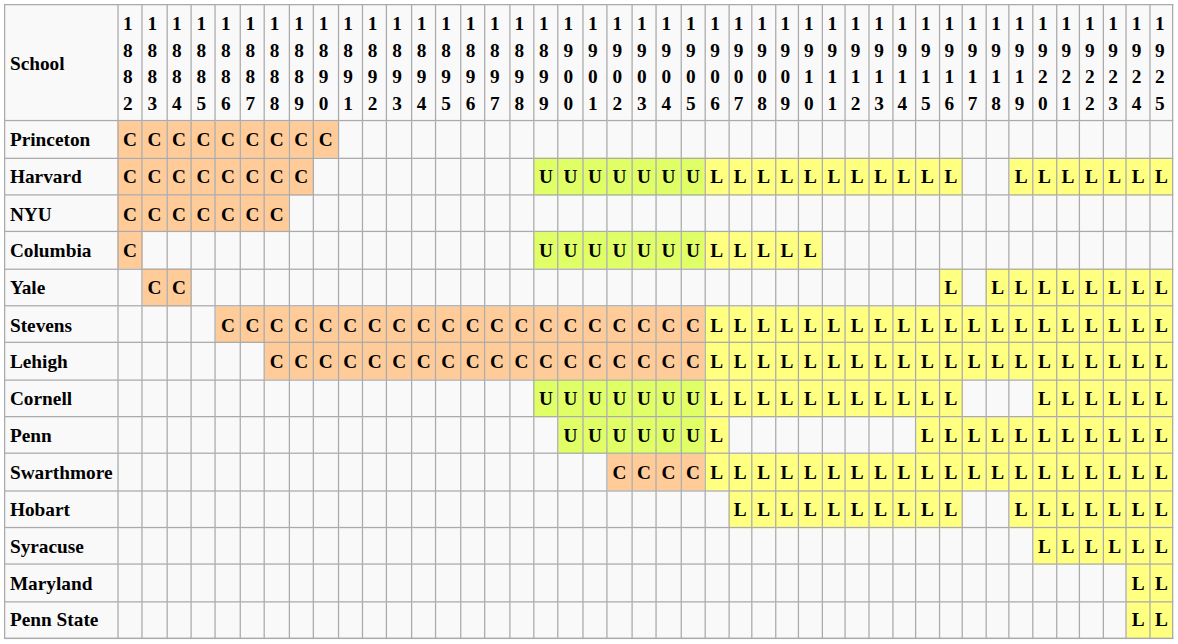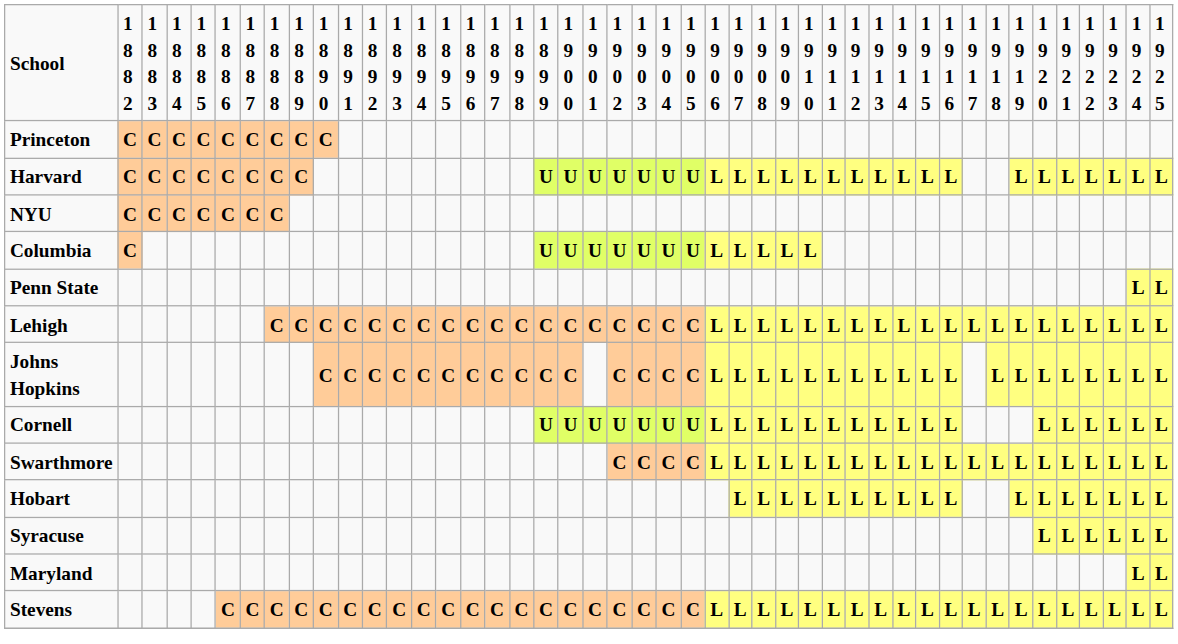 <table class="wikitable" style="font-size:115%">
 <tr ! style="background-background: #87D3F8;">
 <td><small><strong>School</strong></small></td>
 <td><small><strong>1<br>8<br>8<br>2</strong></small></td>
 <td><small><strong>1<br>8<br>8<br>3</strong></small></td>
 <td><small><strong>1<br>8<br>8<br>4</strong></small></td>
 <td><small><strong>1<br>8<br>8<br>5</strong></small></td>
 <td><small><strong>1<br>8<br>8<br>6</strong></small></td>
 <td><small><strong>1<br>8<br>8<br>7</strong></small></td>
 <td><small><strong>1<br>8<br>8<br>8</strong></small></td>
 <td><small><strong>1<br>8<br>8<br>9</strong></small></td>
 <td><small><strong>1<br>8<br>9<br>0</strong></small></td>
 <td><small><strong>1<br>8<br>9<br>1</strong></small></td>
 <td><small><strong>1<br>8<br>9<br>2</strong></small></td>
 <td><small><strong>1<br>8<br>9<br>3</strong></small></td>
 <td><small><strong>1<br>8<br>9<br>4</strong></small></td>
 <td><small><strong>1<br>8<br>9<br>5</strong></small></td>
 <td><small><strong>1<br>8<br>9<br>6</strong></small></td>
 <td><small><strong>1<br>8<br>9<br>7</strong></small></td>
 <td><small><strong>1<br>8<br>9<br>8</strong></small></td>
 <td><small><strong>1<br>8<br>9<br>9</strong></small></td>
 <td><small><strong>1<br>9<br>0<br>0</strong></small></td>
 <td><small><strong>1<br>9<br>0<br>1</strong></small></td>
 <td><small><strong>1<br>9<br>0<br>2</strong></small></td>
 <td><small><strong>1<br>9<br>0<br>3</strong></small></td>
 <td><small><strong>1<br>9<br>0<br>4</strong></small></td>
 <td><small><strong>1<br>9<br>0<br>5</strong></small></td>
 <td><small><strong>1<br>9<br>0<br>6</strong></small></td>
 <td><small><strong>1<br>9<br>0<br>7</strong></small></td>
 <td><small><strong>1<br>9<br>0<br>8</strong></small></td>
 <td><small><strong>1<br>9<br>0<br>9</strong></small></td>
 <td><small><strong>1<br>9<br>1<br>0</strong></small></td>
 <td><small><strong>1<br>9<br>1<br>1</strong></small></td>
 <td><small><strong>1<br>9<br>1<br>2</strong></small></td>
 <td><small><strong>1<br>9<br>1<br>3</strong></small></td>
 <td><small><strong>1<br>9<br>1<br>4</strong></small></td>
 <td><small><strong>1<br>9<br>1<br>5</strong></small></td>
 <td><small><strong>1<br>9<br>1<br>6</strong></small></td>
 <td><small><strong>1<br>9<br>1<br>7</strong></small></td>
 <td><small><strong>1<br>9<br>1<br>8</strong></small></td>
 <td><small><strong>1<br>9<br>1<br>9</strong></small></td>
 <td><small><strong>1<br>9<br>2<br>0</strong></small></td>
 <td><small><strong>1<br>9<br>2<br>1</strong></small></td>
 <td><small><strong>1<br>9<br>2<br>2</strong></small></td>
 <td><small><strong>1<br>9<br>2<br>3</strong></small></td>
 <td><small><strong>1<br>9<br>2<br>4</strong></small></td>
 <td><small><strong>1<br>9<br>2<br>5</strong></small></td>
 </tr>
 <tr --->
 <td><small><strong>Princeton</strong></small></td>
 <th style="background:#FFCC99;"><small>C</small></th>
 <th style="background:#FFCC99;"><small>C</small></th>
 <th style="background:#FFCC99;"><small>C</small></th>
 <th style="background:#FFCC99;"><small>C</small></th>
 <th style="background:#FFCC99;"><small>C</small></th>
 <th style="background:#FFCC99;"><small>C</small></th>
 <th style="background:#FFCC99;"><small>C</small></th>
 <th style="background:#FFCC99;"><small>C</small></th>
 <th style="background:#FFCC99;"><small>C</small></th>
 <td></td>
 <td></td>
 <td></td>
 <td></td>
 <td></td>
 <td></td>
 <td></td>
 <td></td>
 <td></td>
 <td></td>
 <td></td>
 <td></td>
 <td></td>
 <td></td>
 <td></td>
 <td></td>
 <td></td>
 <td></td>
 <td></td>
 <td></td>
 <td></td>
 <td></td>
 <td></td>
 <td></td>
 <td></td>
 <td></td>
 <td></td>
 <td></td>
 <td></td>
 <td></td>
 <td></td>
 <td></td>
 <td></td>
 <td></td>
 <td></td>
 </tr>
 <tr --->
 <td><small><strong>Harvard</strong></small></td>
 <th style="background:#FFCC99;"><small>C</small></th>
 <th style="background:#FFCC99;"><small>C</small></th>
 <th style="background:#FFCC99;"><small>C</small></th>
 <th style="background:#FFCC99;"><small>C</small></th>
 <th style="background:#FFCC99;"><small>C</small></th>
 <th style="background:#FFCC99;"><small>C</small></th>
 <th style="background:#FFCC99;"><small>C</small></th>
 <th style="background:#FFCC99;"><small>C</small></th>
 <td></td>
 <td></td>
 <td></td>
 <td></td>
 <td></td>
 <td></td>
 <td></td>
 <td></td>
 <td></td>
 <th style="background:#E0FF66;"><small>U</small></th>
 <th style="background:#E0FF66;"><small>U</small></th>
 <th style="background:#E0FF66;"><small>U</small></th>
 <th style="background:#E0FF66;"><small>U</small></th>
 <th style="background:#E0FF66;"><small>U</small></th>
 <th style="background:#E0FF66;"><small>U</small></th>
 <th style="background:#E0FF66;"><small>U</small></th>
 <th style="background:#FFFF80;"><small>L</small></th>
 <th style="background:#FFFF80;"><small>L</small></th>
 <th style="background:#FFFF80;"><small>L</small></th>
 <th style="background:#FFFF80;"><small>L</small></th>
 <th style="background:#FFFF80;"><small>L</small></th>
 <th style="background:#FFFF80;"><small>L</small></th>
 <th style="background:#FFFF80;"><small>L</small></th>
 <th style="background:#FFFF80;"><small>L</small></th>
 <th style="background:#FFFF80;"><small>L</small></th>
 <th style="background:#FFFF80;"><small>L</small></th>
 <th style="background:#FFFF80;"><small>L</small></th>
 <td></td>
 <td></td>
 <th style="background:#FFFF80;"><small>L</small></th>
 <th style="background:#FFFF80;"><small>L</small></th>
 <th style="background:#FFFF80;"><small>L</small></th>
 <th style="background:#FFFF80;"><small>L</small></th>
 <th style="background:#FFFF80;"><small>L</small></th>
 <th style="background:#FFFF80;"><small>L</small></th>
 <th style="background:#FFFF80;"><small>L</small></th>
 </tr>
 <tr --->
 <td><small><strong>NYU</strong></small></td>
 <th style="background:#FFCC99;"><small>C</small></th>
 <th style="background:#FFCC99;"><small>C</small></th>
 <th style="background:#FFCC99;"><small>C</small></th>
 <th style="background:#FFCC99;"><small>C</small></th>
 <th style="background:#FFCC99;"><small>C</small></th>
 <th style="background:#FFCC99;"><small>C</small></th>
 <th style="background:#FFCC99;"><small>C</small></th>
 <td></td>
 <td></td>
 <td></td>
 <td></td>
 <td></td>
 <td></td>
 <td></td>
 <td></td>
 <td></td>
 <td></td>
 <td></td>
 <td></td>
 <td></td>
 <td></td>
 <td></td>
 <td></td>
 <td></td>
 <td></td>
 <td></td>
 <td></td>
 <td></td>
 <td></td>
 <td></td>
 <td></td>
 <td></td>
 <td></td>
 <td></td>
 <td></td>
 <td></td>
 <td></td>
 <td></td>
 <td></td>
 <td></td>
 <td></td>
 <td></td>
 <td></td>
 <td></td>
 </tr>
 <tr --->
 <td><small><strong>Columbia</strong></small></td>
 <th style="background:#FFCC99;"><small>C</small></th>
 <td></td>
 <td></td>
 <td></td>
 <td></td>
 <td></td>
 <td></td>
 <td></td>
 <td></td>
 <td></td>
 <td></td>
 <td></td>
 <td></td>
 <td></td>
 <td></td>
 <td></td>
 <td></td>
 <th style="background:#E0FF66;"><small>U</small></th>
 <th style="background:#E0FF66;"><small>U</small></th>
 <th style="background:#E0FF66;"><small>U</small></th>
 <th style="background:#E0FF66;"><small>U</small></th>
 <th style="background:#E0FF66;"><small>U</small></th>
 <th style="background:#E0FF66;"><small>U</small></th>
 <th style="background:#E0FF66;"><small>U</small></th>
 <th style="background:#FFFF80;"><small>L</small></th>
 <th style="background:#FFFF80;"><small>L</small></th>
 <th style="background:#FFFF80;"><small>L</small></th>
 <th style="background:#FFFF80;"><small>L</small></th>
 <th style="background:#FFFF80;"><small>L</small></th>
 <td></td>
 <td></td>
 <td></td>
 <td></td>
 <td></td>
 <td></td>
 <td></td>
 <td></td>
 <td></td>
 <td></td>
 <td></td>
 <td></td>
 <td></td>
 <td></td>
 <td></td>
 </tr>
 <tr --->
-<td><small><strong>Yale</strong></small></td>
-<td></td>
-<th style="background:#FFCC99;"><small>C</small></th>
-<th style="background:#FFCC99;"><small>C</small></th>
+<td><small><strong>Penn State</strong></small></td>
 <td></td>
 <td></td>
 <td></td>
 <td></td>
 <td></td>
 <td></td>
 <td></td>
 <td></td>
 <td></td>
 <td></td>
 <td></td>
 <td></td>
 <td></td>
 <td></td>
 <td></td>
 <td></td>
 <td></td>
 <td></td>
 <td></td>
 <td></td>
 <td></td>
 <td></td>
 <td></td>
 <td></td>
 <td></td>
 <td></td>
 <td></td>
 <td></td>
 <td></td>
 <td></td>
 <td></td>
-<th style="background:#FFFF80;"><small>L</small></th>
-<td></td>
-<th style="background:#FFFF80;"><small>L</small></th>
-<th style="background:#FFFF80;"><small>L</small></th>
-<th style="background:#FFFF80;"><small>L</small></th>
-<th style="background:#FFFF80;"><small>L</small></th>
-<th style="background:#FFFF80;"><small>L</small></th>
-<th style="background:#FFFF80;"><small>L</small></th>
-<th style="background:#FFFF80;"><small>L</small></th>
-<th style="background:#FFFF80;"><small>L</small></th>
-</tr>
-<tr --->
-<td><small><strong>Stevens</strong></small></td>
 <td></td>
 <td></td>
 <td></td>
 <td></td>
-<th style="background:#FFCC99;"><small>C</small></th>
-<th style="background:#FFCC99;"><small>C</small></th>
-<th style="background:#FFCC99;"><small>C</small></th>
-<th style="background:#FFCC99;"><small>C</small></th>
-<th style="background:#FFCC99;"><small>C</small></th>
-<th style="background:#FFCC99;"><small>C</small></th>
-<th style="background:#FFCC99;"><small>C</small></th>
-<th style="background:#FFCC99;"><small>C</small></th>
-<th style="background:#FFCC99;"><small>C</small></th>
-<th style="background:#FFCC99;"><small>C</small></th>
-<th style="background:#FFCC99;"><small>C</small></th>
-<th style="background:#FFCC99;"><small>C</small></th>
-<th style="background:#FFCC99;"><small>C</small></th>
-<th style="background:#FFCC99;"><small>C</small></th>
-<th style="background:#FFCC99;"><small>C</small></th>
-<th style="background:#FFCC99;"><small>C</small></th>
-<th style="background:#FFCC99;"><small>C</small></th>
-<th style="background:#FFCC99;"><small>C</small></th>
-<th style="background:#FFCC99;"><small>C</small></th>
-<th style="background:#FFCC99;"><small>C</small></th>
-<th style="background:#FFFF80;"><small>L</small></th>
-<th style="background:#FFFF80;"><small>L</small></th>
-<th style="background:#FFFF80;"><small>L</small></th>
-<th style="background:#FFFF80;"><small>L</small></th>
-<th style="background:#FFFF80;"><small>L</small></th>
-<th style="background:#FFFF80;"><small>L</small></th>
-<th style="background:#FFFF80;"><small>L</small></th>
-<th style="background:#FFFF80;"><small>L</small></th>
-<th style="background:#FFFF80;"><small>L</small></th>
-<th style="background:#FFFF80;"><small>L</small></th>
-<th style="background:#FFFF80;"><small>L</small></th>
-<th style="background:#FFFF80;"><small>L</small></th>
-<th style="background:#FFFF80;"><small>L</small></th>
-<th style="background:#FFFF80;"><small>L</small></th>
-<th style="background:#FFFF80;"><small>L</small></th>
-<th style="background:#FFFF80;"><small>L</small></th>
-<th style="background:#FFFF80;"><small>L</small></th>
-<th style="background:#FFFF80;"><small>L</small></th>
+<td></td>
+<td></td>
+<td></td>
+<td></td>
+<td></td>
+<td></td>
+<td></td>
 <th style="background:#FFFF80;"><small>L</small></th>
 <th style="background:#FFFF80;"><small>L</small></th>
 </tr>
 <tr --->
 <td><small><strong>Lehigh</strong></small></td>
 <td></td>
 <td></td>
 <td></td>
 <td></td>
 <td></td>
 <td></td>
 <th style="background:#FFCC99;"><small>C</small></th>
 <th style="background:#FFCC99;"><small>C</small></th>
 <th style="background:#FFCC99;"><small>C</small></th>
 <th style="background:#FFCC99;"><small>C</small></th>
 <th style="background:#FFCC99;"><small>C</small></th>
 <th style="background:#FFCC99;"><small>C</small></th>
 <th style="background:#FFCC99;"><small>C</small></th>
 <th style="background:#FFCC99;"><small>C</small></th>
 <th style="background:#FFCC99;"><small>C</small></th>
 <th style="background:#FFCC99;"><small>C</small></th>
 <th style="background:#FFCC99;"><small>C</small></th>
 <th style="background:#FFCC99;"><small>C</small></th>
 <th style="background:#FFCC99;"><small>C</small></th>
 <th style="background:#FFCC99;"><small>C</small></th>
 <th style="background:#FFCC99;"><small>C</small></th>
 <th style="background:#FFCC99;"><small>C</small></th>
 <th style="background:#FFCC99;"><small>C</small></th>
 <th style="background:#FFCC99;"><small>C</small></th>
 <th style="background:#FFFF80;"><small>L</small></th>
 <th style="background:#FFFF80;"><small>L</small></th>
 <th style="background:#FFFF80;"><small>L</small></th>
 <th style="background:#FFFF80;"><small>L</small></th>
 <th style="background:#FFFF80;"><small>L</small></th>
 <th style="background:#FFFF80;"><small>L</small></th>
 <th style="background:#FFFF80;"><small>L</small></th>
 <th style="background:#FFFF80;"><small>L</small></th>
 <th style="background:#FFFF80;"><small>L</small></th>
 <th style="background:#FFFF80;"><small>L</small></th>
 <th style="background:#FFFF80;"><small>L</small></th>
 <th style="background:#FFFF80;"><small>L</small></th>
 <th style="background:#FFFF80;"><small>L</small></th>
 <th style="background:#FFFF80;"><small>L</small></th>
 <th style="background:#FFFF80;"><small>L</small></th>
 <th style="background:#FFFF80;"><small>L</small></th>
 <th style="background:#FFFF80;"><small>L</small></th>
 <th style="background:#FFFF80;"><small>L</small></th>
 <th style="background:#FFFF80;"><small>L</small></th>
 <th style="background:#FFFF80;"><small>L</small></th>
 </tr>
 <tr --->
+<td><small><strong>Johns Hopkins</strong></small></td>
+<td></td>
+<td></td>
+<td></td>
+<td></td>
+<td></td>
+<td></td>
+<td></td>
+<td></td>
+<th style="background:#FFCC99;"><small>C</small></th>
+<th style="background:#FFCC99;"><small>C</small></th>
+<th style="background:#FFCC99;"><small>C</small></th>
+<th style="background:#FFCC99;"><small>C</small></th>
+<th style="background:#FFCC99;"><small>C</small></th>
+<th style="background:#FFCC99;"><small>C</small></th>
+<th style="background:#FFCC99;"><small>C</small></th>
+<th style="background:#FFCC99;"><small>C</small></th>
+<th style="background:#FFCC99;"><small>C</small></th>
+<th style="background:#FFCC99;"><small>C</small></th>
+<th style="background:#FFCC99;"><small>C</small></th>
+<td></td>
+<th style="background:#FFCC99;"><small>C</small></th>
+<th style="background:#FFCC99;"><small>C</small></th>
+<th style="background:#FFCC99;"><small>C</small></th>
+<th style="background:#FFCC99;"><small>C</small></th>
+<th style="background:#FFFF80;"><small>L</small></th>
+<th style="background:#FFFF80;"><small>L</small></th>
+<th style="background:#FFFF80;"><small>L</small></th>
+<th style="background:#FFFF80;"><small>L</small></th>
+<th style="background:#FFFF80;"><small>L</small></th>
+<th style="background:#FFFF80;"><small>L</small></th>
+<th style="background:#FFFF80;"><small>L</small></th>
+<th style="background:#FFFF80;"><small>L</small></th>
+<th style="background:#FFFF80;"><small>L</small></th>
+<th style="background:#FFFF80;"><small>L</small></th>
+<th style="background:#FFFF80;"><small>L</small></th>
+<td></td>
+<th style="background:#FFFF80;"><small>L</small></th>
+<th style="background:#FFFF80;"><small>L</small></th>
+<th style="background:#FFFF80;"><small>L</small></th>
+<th style="background:#FFFF80;"><small>L</small></th>
+<th style="background:#FFFF80;"><small>L</small></th>
+<th style="background:#FFFF80;"><small>L</small></th>
+<th style="background:#FFFF80;"><small>L</small></th>
+<th style="background:#FFFF80;"><small>L</small></th>
+</tr>
+<tr --->
 <td><small><strong>Cornell</strong></small></td>
 <td></td>
 <td></td>
 <td></td>
 <td></td>
 <td></td>
 <td></td>
 <td></td>
 <td></td>
 <td></td>
 <td></td>
 <td></td>
 <td></td>
 <td></td>
 <td></td>
 <td></td>
 <td></td>
 <td></td>
 <th style="background:#E0FF66;"><small>U</small></th>
 <th style="background:#E0FF66;"><small>U</small></th>
 <th style="background:#E0FF66;"><small>U</small></th>
 <th style="background:#E0FF66;"><small>U</small></th>
 <th style="background:#E0FF66;"><small>U</small></th>
 <th style="background:#E0FF66;"><small>U</small></th>
 <th style="background:#E0FF66;"><small>U</small></th>
 <th style="background:#FFFF80;"><small>L</small></th>
 <th style="background:#FFFF80;"><small>L</small></th>
 <th style="background:#FFFF80;"><small>L</small></th>
 <th style="background:#FFFF80;"><small>L</small></th>
 <th style="background:#FFFF80;"><small>L</small></th>
 <th style="background:#FFFF80;"><small>L</small></th>
 <th style="background:#FFFF80;"><small>L</small></th>
 <th style="background:#FFFF80;"><small>L</small></th>
 <th style="background:#FFFF80;"><small>L</small></th>
 <th style="background:#FFFF80;"><small>L</small></th>
 <th style="background:#FFFF80;"><small>L</small></th>
 <td></td>
 <td></td>
 <td></td>
-<th style="background:#FFFF80;"><small>L</small></th>
-<th style="background:#FFFF80;"><small>L</small></th>
-<th style="background:#FFFF80;"><small>L</small></th>
-<th style="background:#FFFF80;"><small>L</small></th>
-<th style="background:#FFFF80;"><small>L</small></th>
-<th style="background:#FFFF80;"><small>L</small></th>
-</tr>
-<tr --->
-<td><small><strong>Penn</strong></small></td>
-<td></td>
-<td></td>
-<td></td>
-<td></td>
-<td></td>
-<td></td>
-<td></td>
-<td></td>
-<td></td>
-<td></td>
-<td></td>
-<td></td>
-<td></td>
-<td></td>
-<td></td>
-<td></td>
-<td></td>
-<td></td>
-<th style="background:#E0FF66;"><small>U</small></th>
-<th style="background:#E0FF66;"><small>U</small></th>
-<th style="background:#E0FF66;"><small>U</small></th>
-<th style="background:#E0FF66;"><small>U</small></th>
-<th style="background:#E0FF66;"><small>U</small></th>
-<th style="background:#E0FF66;"><small>U</small></th>
-<th style="background:#FFFF80;"><small>L</small></th>
-<td></td>
-<td></td>
-<td></td>
-<td></td>
-<td></td>
-<td></td>
-<td></td>
-<td></td>
-<th style="background:#FFFF80;"><small>L</small></th>
-<th style="background:#FFFF80;"><small>L</small></th>
-<th style="background:#FFFF80;"><small>L</small></th>
-<th style="background:#FFFF80;"><small>L</small></th>
-<th style="background:#FFFF80;"><small>L</small></th>
 <th style="background:#FFFF80;"><small>L</small></th>
 <th style="background:#FFFF80;"><small>L</small></th>
 <th style="background:#FFFF80;"><small>L</small></th>
 <th style="background:#FFFF80;"><small>L</small></th>
 <th style="background:#FFFF80;"><small>L</small></th>
 <th style="background:#FFFF80;"><small>L</small></th>
 </tr>
 <tr --->
 <td><small><strong>Swarthmore</strong></small></td>
 <td></td>
 <td></td>
 <td></td>
 <td></td>
 <td></td>
 <td></td>
 <td></td>
 <td></td>
 <td></td>
 <td></td>
 <td></td>
 <td></td>
 <td></td>
 <td></td>
 <td></td>
 <td></td>
 <td></td>
 <td></td>
 <td></td>
 <td></td>
 <th style="background:#FFCC99;"><small>C</small></th>
 <th style="background:#FFCC99;"><small>C</small></th>
 <th style="background:#FFCC99;"><small>C</small></th>
 <th style="background:#FFCC99;"><small>C</small></th>
 <th style="background:#FFFF80;"><small>L</small></th>
 <th style="background:#FFFF80;"><small>L</small></th>
 <th style="background:#FFFF80;"><small>L</small></th>
 <th style="background:#FFFF80;"><small>L</small></th>
 <th style="background:#FFFF80;"><small>L</small></th>
 <th style="background:#FFFF80;"><small>L</small></th>
 <th style="background:#FFFF80;"><small>L</small></th>
 <th style="background:#FFFF80;"><small>L</small></th>
 <th style="background:#FFFF80;"><small>L</small></th>
 <th style="background:#FFFF80;"><small>L</small></th>
 <th style="background:#FFFF80;"><small>L</small></th>
 <th style="background:#FFFF80;"><small>L</small></th>
 <th style="background:#FFFF80;"><small>L</small></th>
 <th style="background:#FFFF80;"><small>L</small></th>
 <th style="background:#FFFF80;"><small>L</small></th>
 <th style="background:#FFFF80;"><small>L</small></th>
 <th style="background:#FFFF80;"><small>L</small></th>
 <th style="background:#FFFF80;"><small>L</small></th>
 <th style="background:#FFFF80;"><small>L</small></th>
 <th style="background:#FFFF80;"><small>L</small></th>
 </tr>
 <tr --->
 <td><small><strong>Hobart</strong></small></td>
 <td></td>
 <td></td>
 <td></td>
 <td></td>
 <td></td>
 <td></td>
 <td></td>
 <td></td>
 <td></td>
 <td></td>
 <td></td>
 <td></td>
 <td></td>
 <td></td>
 <td></td>
 <td></td>
 <td></td>
 <td></td>
 <td></td>
 <td></td>
 <td></td>
 <td></td>
 <td></td>
 <td></td>
 <td></td>
 <th style="background:#FFFF80;"><small>L</small></th>
 <th style="background:#FFFF80;"><small>L</small></th>
 <th style="background:#FFFF80;"><small>L</small></th>
 <th style="background:#FFFF80;"><small>L</small></th>
 <th style="background:#FFFF80;"><small>L</small></th>
 <th style="background:#FFFF80;"><small>L</small></th>
 <th style="background:#FFFF80;"><small>L</small></th>
 <th style="background:#FFFF80;"><small>L</small></th>
 <th style="background:#FFFF80;"><small>L</small></th>
 <th style="background:#FFFF80;"><small>L</small></th>
 <td></td>
 <td></td>
 <th style="background:#FFFF80;"><small>L</small></th>
 <th style="background:#FFFF80;"><small>L</small></th>
 <th style="background:#FFFF80;"><small>L</small></th>
 <th style="background:#FFFF80;"><small>L</small></th>
 <th style="background:#FFFF80;"><small>L</small></th>
 <th style="background:#FFFF80;"><small>L</small></th>
 <th style="background:#FFFF80;"><small>L</small></th>
 </tr>
 <tr --->
 <td><small><strong>Syracuse</strong></small></td>
 <td></td>
 <td></td>
 <td></td>
 <td></td>
 <td></td>
 <td></td>
 <td></td>
 <td></td>
 <td></td>
 <td></td>
 <td></td>
 <td></td>
 <td></td>
 <td></td>
 <td></td>
 <td></td>
 <td></td>
 <td></td>
 <td></td>
 <td></td>
 <td></td>
 <td></td>
 <td></td>
 <td></td>
 <td></td>
 <td></td>
 <td></td>
 <td></td>
 <td></td>
 <td></td>
 <td></td>
 <td></td>
 <td></td>
 <td></td>
 <td></td>
 <td></td>
 <td></td>
 <td></td>
 <th style="background:#FFFF80;"><small>L</small></th>
 <th style="background:#FFFF80;"><small>L</small></th>
 <th style="background:#FFFF80;"><small>L</small></th>
 <th style="background:#FFFF80;"><small>L</small></th>
 <th style="background:#FFFF80;"><small>L</small></th>
 <th style="background:#FFFF80;"><small>L</small></th>
 </tr>
 <tr --->
 <td><small><strong>Maryland</strong></small></td>
 <td></td>
 <td></td>
 <td></td>
 <td></td>
 <td></td>
 <td></td>
 <td></td>
 <td></td>
 <td></td>
 <td></td>
 <td></td>
 <td></td>
 <td></td>
 <td></td>
 <td></td>
 <td></td>
 <td></td>
 <td></td>
 <td></td>
 <td></td>
 <td></td>
 <td></td>
 <td></td>
 <td></td>
 <td></td>
 <td></td>
 <td></td>
 <td></td>
 <td></td>
 <td></td>
 <td></td>
 <td></td>
 <td></td>
 <td></td>
 <td></td>
 <td></td>
 <td></td>
 <td></td>
 <td></td>
 <td></td>
 <td></td>
 <td></td>
 <th style="background:#FFFF80;"><small>L</small></th>
 <th style="background:#FFFF80;"><small>L</small></th>
 </tr>
 <tr --->
-<td><small><strong>Penn State</strong></small></td>
+<td><small><strong>Stevens</strong></small></td>
 <td></td>
 <td></td>
 <td></td>
 <td></td>
-<td></td>
-<td></td>
-<td></td>
-<td></td>
-<td></td>
-<td></td>
-<td></td>
-<td></td>
-<td></td>
-<td></td>
-<td></td>
-<td></td>
-<td></td>
-<td></td>
-<td></td>
-<td></td>
-<td></td>
-<td></td>
-<td></td>
-<td></td>
-<td></td>
-<td></td>
-<td></td>
-<td></td>
-<td></td>
-<td></td>
-<td></td>
-<td></td>
-<td></td>
-<td></td>
-<td></td>
-<td></td>
-<td></td>
-<td></td>
-<td></td>
-<td></td>
-<td></td>
-<td></td>
+<th style="background:#FFCC99;"><small>C</small></th>
+<th style="background:#FFCC99;"><small>C</small></th>
+<th style="background:#FFCC99;"><small>C</small></th>
+<th style="background:#FFCC99;"><small>C</small></th>
+<th style="background:#FFCC99;"><small>C</small></th>
+<th style="background:#FFCC99;"><small>C</small></th>
+<th style="background:#FFCC99;"><small>C</small></th>
+<th style="background:#FFCC99;"><small>C</small></th>
+<th style="background:#FFCC99;"><small>C</small></th>
+<th style="background:#FFCC99;"><small>C</small></th>
+<th style="background:#FFCC99;"><small>C</small></th>
+<th style="background:#FFCC99;"><small>C</small></th>
+<th style="background:#FFCC99;"><small>C</small></th>
+<th style="background:#FFCC99;"><small>C</small></th>
+<th style="background:#FFCC99;"><small>C</small></th>
+<th style="background:#FFCC99;"><small>C</small></th>
+<th style="background:#FFCC99;"><small>C</small></th>
+<th style="background:#FFCC99;"><small>C</small></th>
+<th style="background:#FFCC99;"><small>C</small></th>
+<th style="background:#FFCC99;"><small>C</small></th>
+<th style="background:#FFFF80;"><small>L</small></th>
+<th style="background:#FFFF80;"><small>L</small></th>
+<th style="background:#FFFF80;"><small>L</small></th>
+<th style="background:#FFFF80;"><small>L</small></th>
+<th style="background:#FFFF80;"><small>L</small></th>
+<th style="background:#FFFF80;"><small>L</small></th>
+<th style="background:#FFFF80;"><small>L</small></th>
+<th style="background:#FFFF80;"><small>L</small></th>
+<th style="background:#FFFF80;"><small>L</small></th>
+<th style="background:#FFFF80;"><small>L</small></th>
+<th style="background:#FFFF80;"><small>L</small></th>
+<th style="background:#FFFF80;"><small>L</small></th>
+<th style="background:#FFFF80;"><small>L</small></th>
+<th style="background:#FFFF80;"><small>L</small></th>
+<th style="background:#FFFF80;"><small>L</small></th>
+<th style="background:#FFFF80;"><small>L</small></th>
+<th style="background:#FFFF80;"><small>L</small></th>
+<th style="background:#FFFF80;"><small>L</small></th>
 <th style="background:#FFFF80;"><small>L</small></th>
 <th style="background:#FFFF80;"><small>L</small></th>
 </tr>
 <tr --->
 </tr>
 </table>
